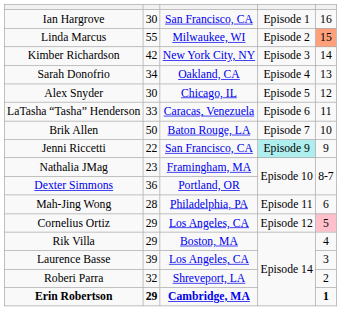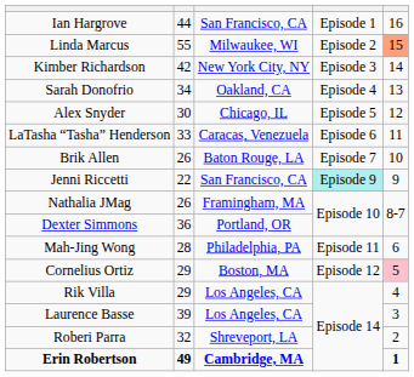 <table class="wikitable sortable" style="text-align:center;">
 <tr>
 <th></th>
 <th></th>
 <th></th>
 <th></th>
 <th></th>
 </tr>
 <tr>
 <td>Ian Hargrove</td>
-<td>30</td>
+<td>44</td>
 <td><a href='#'>San Francisco, CA</a></td>
 <td>Episode 1</td>
 <td>16</td>
 </tr>
 <tr>
 <td>Linda Marcus</td>
 <td>55</td>
 <td><a href='#'>Milwaukee, WI</a></td>
 <td>Episode 2</td>
 <td style="background: lightsalmon;">15</td>
 </tr>
 <tr>
 <td>Kimber Richardson</td>
 <td>42</td>
 <td><a href='#'>New York City, NY</a></td>
 <td>Episode 3</td>
 <td>14</td>
 </tr>
 <tr>
 <td>Sarah Donofrio</td>
 <td>34</td>
 <td><a href='#'>Oakland, CA</a></td>
 <td>Episode 4</td>
 <td>13</td>
 </tr>
 <tr>
 <td>Alex Snyder</td>
 <td>30</td>
 <td><a href='#'>Chicago, IL</a></td>
 <td>Episode 5</td>
 <td>12</td>
 </tr>
 <tr>
 <td>LaTasha “Tasha” Henderson</td>
 <td>33</td>
 <td><a href='#'>Caracas, Venezuela</a></td>
 <td>Episode 6</td>
 <td>11</td>
 </tr>
 <tr>
 <td>Brik Allen</td>
-<td>50</td>
+<td>26</td>
 <td><a href='#'>Baton Rouge, LA</a></td>
 <td>Episode 7</td>
 <td>10</td>
 </tr>
 <tr>
 <td>Jenni Riccetti</td>
 <td>22</td>
 <td><a href='#'>San Francisco, CA</a></td>
 <td style="background: paleturquoise;">Episode 9</td>
 <td>9</td>
 </tr>
 <tr>
 <td>Nathalia JMag</td>
-<td>23</td>
+<td>26</td>
 <td><a href='#'>Framingham, MA</a></td>
 <td rowspan="2">Episode 10</td>
 <td rowspan="2">8-7</td>
 </tr>
 <tr>
 <td><a href='#'>Dexter Simmons</a></td>
 <td>36</td>
 <td><a href='#'>Portland, OR</a></td>
 </tr>
 <tr>
 <td>Mah-Jing Wong</td>
 <td>28</td>
 <td><a href='#'>Philadelphia, PA</a></td>
 <td>Episode 11</td>
 <td>6</td>
 </tr>
 <tr>
 <td>Cornelius Ortiz</td>
 <td>29</td>
-<td><a href='#'>Los Angeles, CA</a></td>
+<td><a href='#'>Boston, MA</a></td>
 <td>Episode 12</td>
 <td style="background: pink;">5</td>
 </tr>
 <tr>
 <td>Rik Villa</td>
 <td>29</td>
-<td><a href='#'>Boston, MA</a></td>
+<td><a href='#'>Los Angeles, CA</a></td>
 <td rowspan="4">Episode 14</td>
 <td>4</td>
 </tr>
 <tr>
 <td>Laurence Basse</td>
 <td>39</td>
 <td><a href='#'>Los Angeles, CA</a></td>
 <td>3</td>
 </tr>
 <tr>
 <td>Roberi Parra</td>
 <td>32</td>
 <td><a href='#'>Shreveport, LA</a></td>
 <td>2</td>
 </tr>
 <tr>
 <td><strong>Erin Robertson</strong></td>
-<td><strong>29</strong></td>
+<td><strong>49</strong></td>
 <td><strong><a href='#'>Cambridge, MA</a></strong></td>
 <td><strong>1</strong></td>
 </tr>
 </table>
